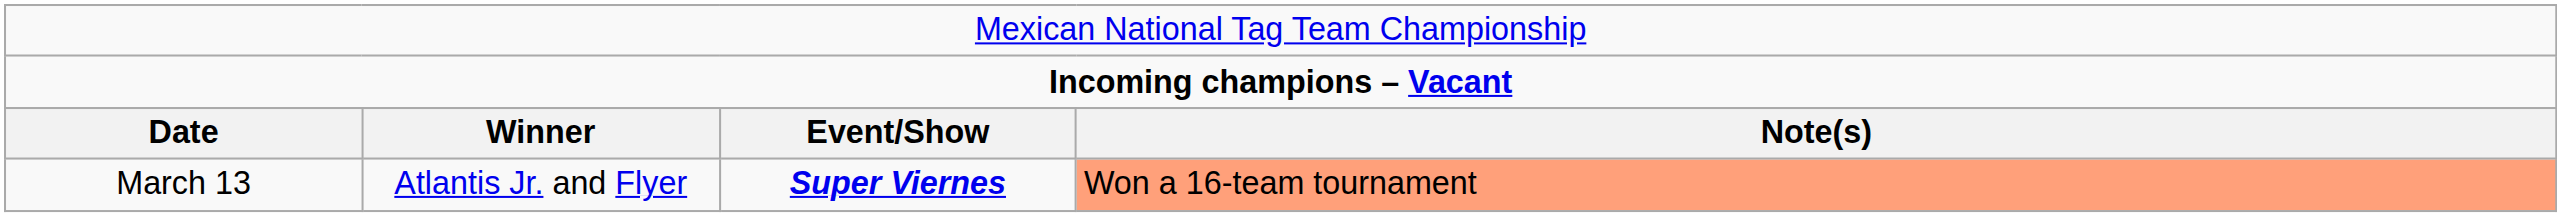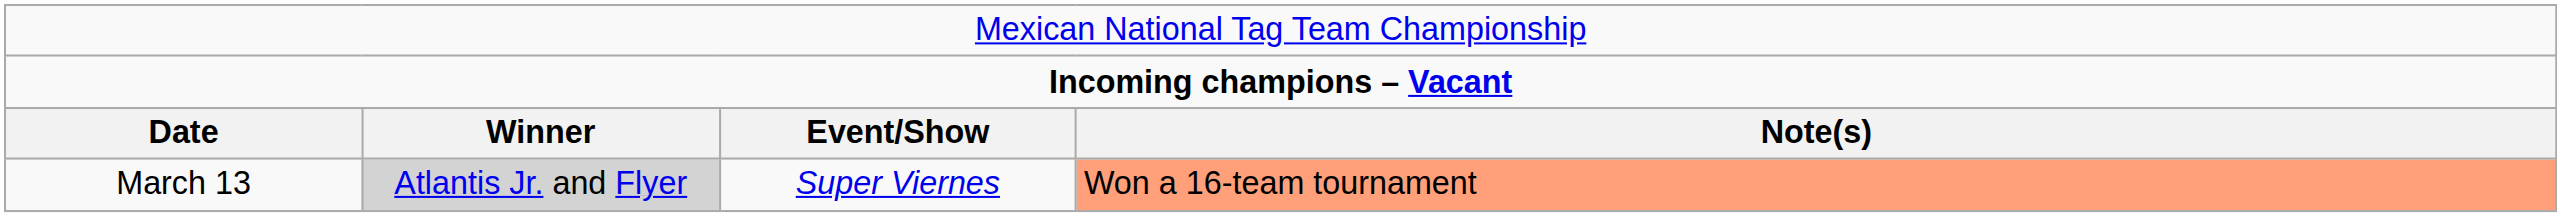 <table class="wikitable" style="text-align:center; width:100%;">
 <tr>
 <td colspan="4" style="text-align: center;"><a href='#'>Mexican National Tag Team Championship</a></td>
 </tr>
 <tr>
 <td colspan="4" style="text-align: center;"><strong>Incoming champions – <a href='#'>Vacant</a></strong></td>
 </tr>
 <tr>
 <th width=14%>Date</th>
 <th width=14%>Winner</th>
 <th width=14%>Event/Show</th>
 <th width=58%>Note(s)</th>
 </tr>
 <tr>
 <td>March 13</td>
-<td><a href='#'>Atlantis Jr.</a> and <a href='#'>Flyer</a></td>
-<td><strong><em><a href='#'>Super Viernes</a></em></strong></td>
+<td style="background: lightgrey;"><a href='#'>Atlantis Jr.</a> and <a href='#'>Flyer</a></td>
+<td><em><a href='#'>Super Viernes</a></em></td>
 <td align=left style="background: lightsalmon;">Won a 16-team tournament</td>
 </tr>
 </table>
